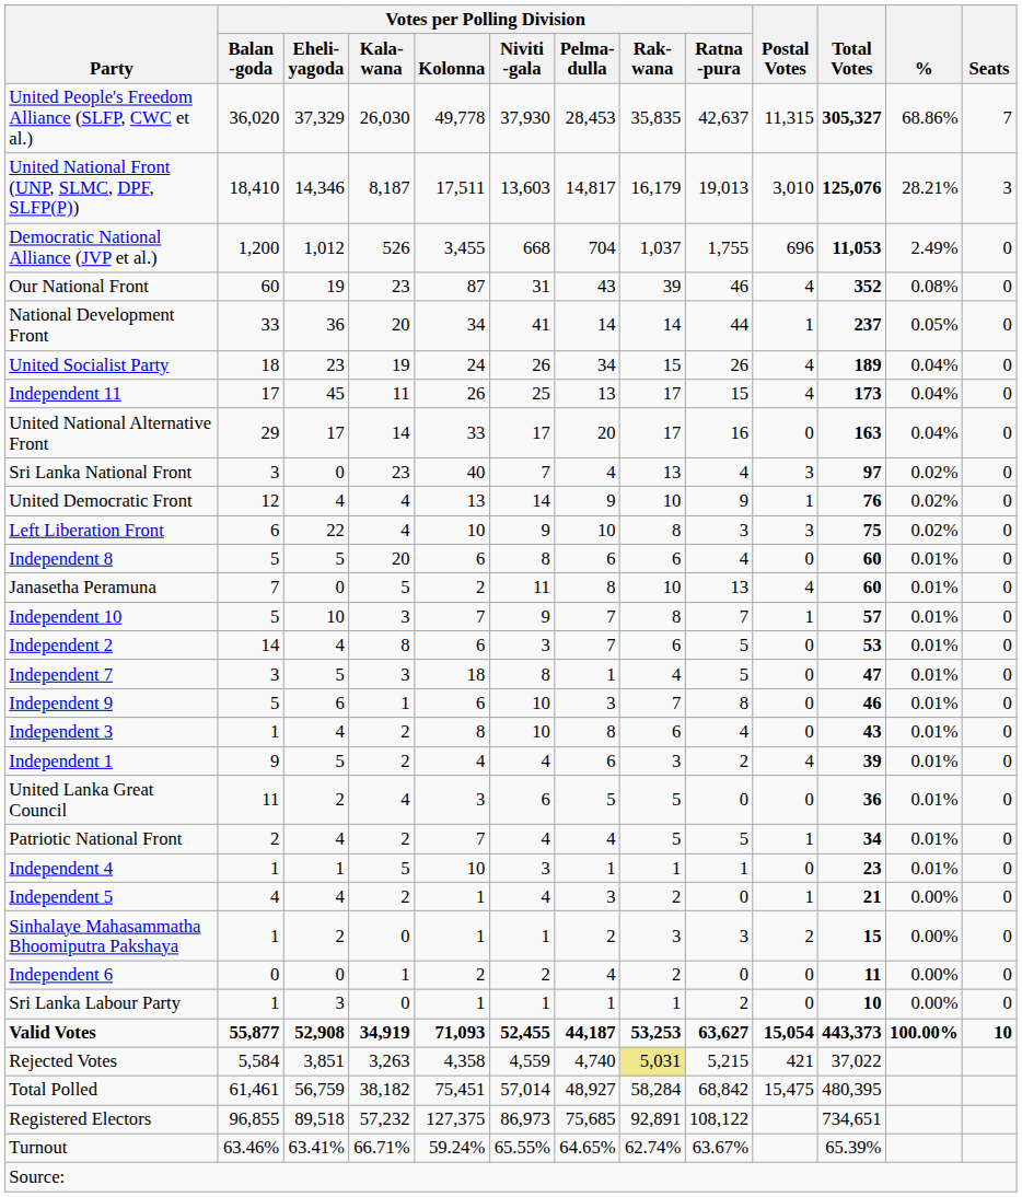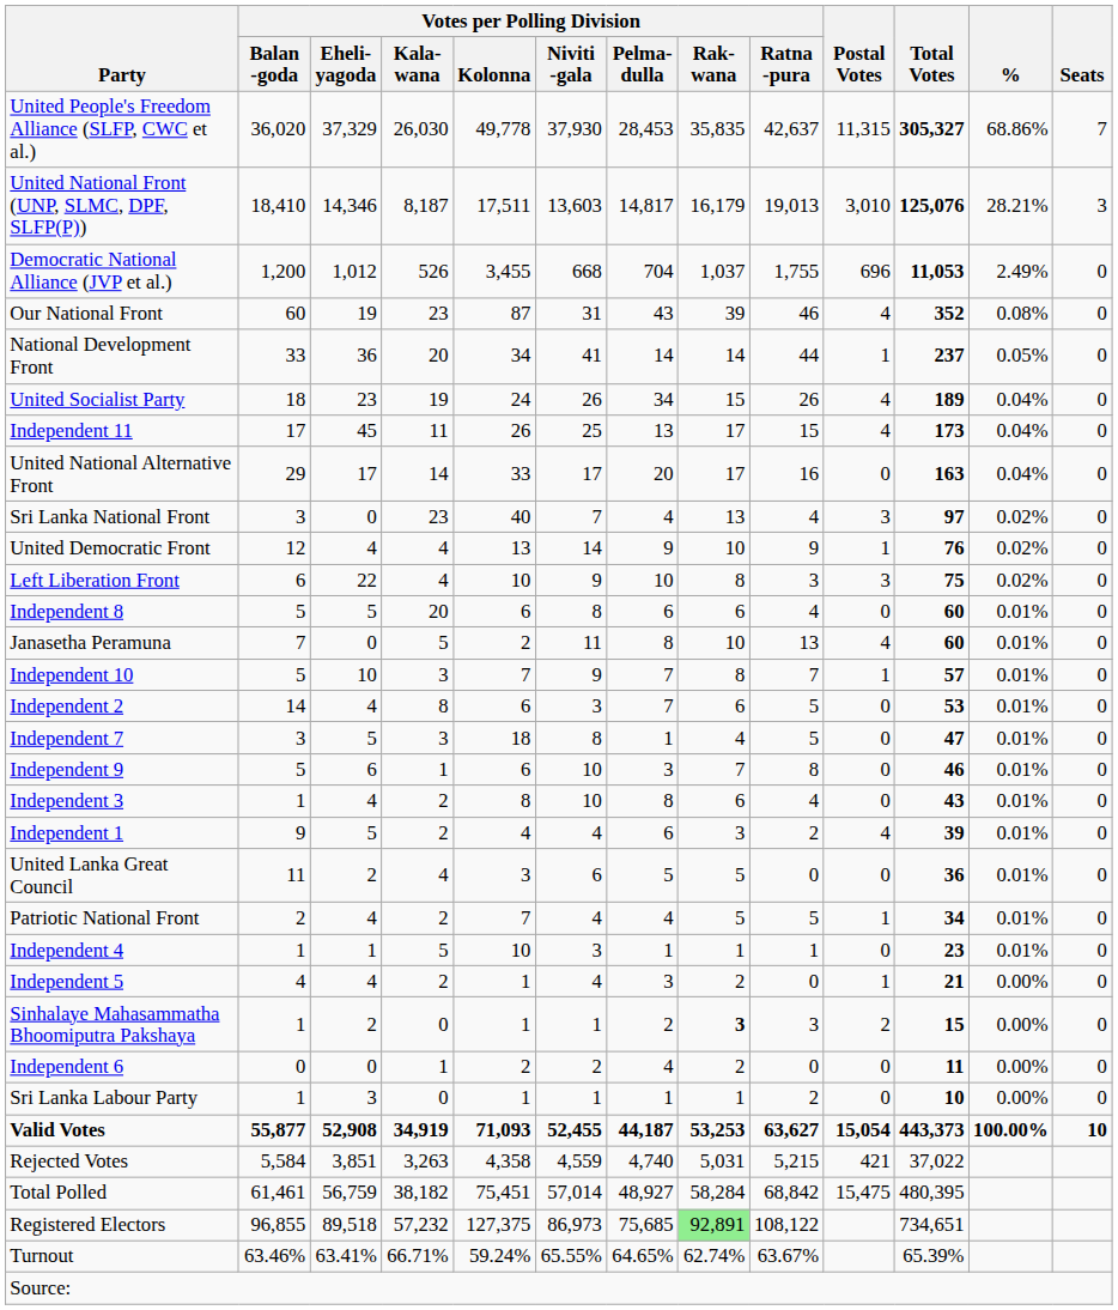 <table class="wikitable" border="1" style="text-align:right;">
 <tr>
 <th align=left valign=bottom rowspan=2 width="180">Party</th>
 <th colspan=8>Votes per Polling Division</th>
 <th align=center valign=bottom rowspan=2 width="50">Postal<br>Votes</th>
 <th align=center valign=bottom rowspan=2 width="50">Total Votes</th>
 <th align=center valign=bottom rowspan=2 width="50">%</th>
 <th align=center valign=bottom rowspan=2 width="40">Seats</th>
 </tr>
 <tr>
 <th align=center valign=bottom width="50">Balan<br>-goda</th>
 <th align=center valign=bottom width="50">Eheli-<br>yagoda</th>
 <th align=center valign=bottom width="50">Kala-<br>wana</th>
 <th align=center valign=bottom width="50">Kolonna</th>
 <th align=center valign=bottom width="50">Niviti<br>-gala</th>
 <th align=center valign=bottom width="50">Pelma-<br>dulla</th>
 <th align=center valign=bottom width="50">Rak-<br>wana</th>
 <th align=center valign=bottom width="50">Ratna<br>-pura</th>
 </tr>
 <tr>
 <td align=left><a href='#'>United People's Freedom Alliance</a> (<a href='#'>SLFP</a>, <a href='#'>CWC</a> et al.)</td>
 <td>36,020</td>
 <td>37,329</td>
 <td>26,030</td>
 <td>49,778</td>
 <td>37,930</td>
 <td>28,453</td>
 <td>35,835</td>
 <td>42,637</td>
 <td>11,315</td>
 <td><strong>305,327</strong></td>
 <td>68.86%</td>
 <td>7</td>
 </tr>
 <tr>
 <td align=left><a href='#'>United National Front</a><br>(<a href='#'>UNP</a>, <a href='#'>SLMC</a>, <a href='#'>DPF</a>, <a href='#'>SLFP(P)</a>)</td>
 <td>18,410</td>
 <td>14,346</td>
 <td>8,187</td>
 <td>17,511</td>
 <td>13,603</td>
 <td>14,817</td>
 <td>16,179</td>
 <td>19,013</td>
 <td>3,010</td>
 <td><strong>125,076</strong></td>
 <td>28.21%</td>
 <td>3</td>
 </tr>
 <tr>
 <td align=left><a href='#'>Democratic National Alliance</a> (<a href='#'>JVP</a> et al.)</td>
 <td>1,200</td>
 <td>1,012</td>
 <td>526</td>
 <td>3,455</td>
 <td>668</td>
 <td>704</td>
 <td>1,037</td>
 <td>1,755</td>
 <td>696</td>
 <td><strong>11,053</strong></td>
 <td>2.49%</td>
 <td>0</td>
 </tr>
 <tr>
 <td align=left>Our National Front</td>
 <td>60</td>
 <td>19</td>
 <td>23</td>
 <td>87</td>
 <td>31</td>
 <td>43</td>
 <td>39</td>
 <td>46</td>
 <td>4</td>
 <td><strong>352</strong></td>
 <td>0.08%</td>
 <td>0</td>
 </tr>
 <tr>
 <td align=left>National Development Front</td>
 <td>33</td>
 <td>36</td>
 <td>20</td>
 <td>34</td>
 <td>41</td>
 <td>14</td>
 <td>14</td>
 <td>44</td>
 <td>1</td>
 <td><strong>237</strong></td>
 <td>0.05%</td>
 <td>0</td>
 </tr>
 <tr>
 <td align=left><a href='#'>United Socialist Party</a></td>
 <td>18</td>
 <td>23</td>
 <td>19</td>
 <td>24</td>
 <td>26</td>
 <td>34</td>
 <td>15</td>
 <td>26</td>
 <td>4</td>
 <td><strong>189</strong></td>
 <td>0.04%</td>
 <td>0</td>
 </tr>
 <tr>
 <td align=left><a href='#'>Independent 11</a></td>
 <td>17</td>
 <td>45</td>
 <td>11</td>
 <td>26</td>
 <td>25</td>
 <td>13</td>
 <td>17</td>
 <td>15</td>
 <td>4</td>
 <td><strong>173</strong></td>
 <td>0.04%</td>
 <td>0</td>
 </tr>
 <tr>
 <td align=left>United National Alternative Front</td>
 <td>29</td>
 <td>17</td>
 <td>14</td>
 <td>33</td>
 <td>17</td>
 <td>20</td>
 <td>17</td>
 <td>16</td>
 <td>0</td>
 <td><strong>163</strong></td>
 <td>0.04%</td>
 <td>0</td>
 </tr>
 <tr>
 <td align=left>Sri Lanka National Front</td>
 <td>3</td>
 <td>0</td>
 <td>23</td>
 <td>40</td>
 <td>7</td>
 <td>4</td>
 <td>13</td>
 <td>4</td>
 <td>3</td>
 <td><strong>97</strong></td>
 <td>0.02%</td>
 <td>0</td>
 </tr>
 <tr>
 <td align=left>United Democratic Front</td>
 <td>12</td>
 <td>4</td>
 <td>4</td>
 <td>13</td>
 <td>14</td>
 <td>9</td>
 <td>10</td>
 <td>9</td>
 <td>1</td>
 <td><strong>76</strong></td>
 <td>0.02%</td>
 <td>0</td>
 </tr>
 <tr>
 <td align=left><a href='#'>Left Liberation Front</a></td>
 <td>6</td>
 <td>22</td>
 <td>4</td>
 <td>10</td>
 <td>9</td>
 <td>10</td>
 <td>8</td>
 <td>3</td>
 <td>3</td>
 <td><strong>75</strong></td>
 <td>0.02%</td>
 <td>0</td>
 </tr>
 <tr>
 <td align=left><a href='#'>Independent 8</a></td>
 <td>5</td>
 <td>5</td>
 <td>20</td>
 <td>6</td>
 <td>8</td>
 <td>6</td>
 <td>6</td>
 <td>4</td>
 <td>0</td>
 <td><strong>60</strong></td>
 <td>0.01%</td>
 <td>0</td>
 </tr>
 <tr>
 <td align=left>Janasetha Peramuna</td>
 <td>7</td>
 <td>0</td>
 <td>5</td>
 <td>2</td>
 <td>11</td>
 <td>8</td>
 <td>10</td>
 <td>13</td>
 <td>4</td>
 <td><strong>60</strong></td>
 <td>0.01%</td>
 <td>0</td>
 </tr>
 <tr>
 <td align=left><a href='#'>Independent 10</a></td>
 <td>5</td>
 <td>10</td>
 <td>3</td>
 <td>7</td>
 <td>9</td>
 <td>7</td>
 <td>8</td>
 <td>7</td>
 <td>1</td>
 <td><strong>57</strong></td>
 <td>0.01%</td>
 <td>0</td>
 </tr>
 <tr>
 <td align=left><a href='#'>Independent 2</a></td>
 <td>14</td>
 <td>4</td>
 <td>8</td>
 <td>6</td>
 <td>3</td>
 <td>7</td>
 <td>6</td>
 <td>5</td>
 <td>0</td>
 <td><strong>53</strong></td>
 <td>0.01%</td>
 <td>0</td>
 </tr>
 <tr>
 <td align=left><a href='#'>Independent 7</a></td>
 <td>3</td>
 <td>5</td>
 <td>3</td>
 <td>18</td>
 <td>8</td>
 <td>1</td>
 <td>4</td>
 <td>5</td>
 <td>0</td>
 <td><strong>47</strong></td>
 <td>0.01%</td>
 <td>0</td>
 </tr>
 <tr>
 <td align=left><a href='#'>Independent 9</a></td>
 <td>5</td>
 <td>6</td>
 <td>1</td>
 <td>6</td>
 <td>10</td>
 <td>3</td>
 <td>7</td>
 <td>8</td>
 <td>0</td>
 <td><strong>46</strong></td>
 <td>0.01%</td>
 <td>0</td>
 </tr>
 <tr>
 <td align=left><a href='#'>Independent 3</a></td>
 <td>1</td>
 <td>4</td>
 <td>2</td>
 <td>8</td>
 <td>10</td>
 <td>8</td>
 <td>6</td>
 <td>4</td>
 <td>0</td>
 <td><strong>43</strong></td>
 <td>0.01%</td>
 <td>0</td>
 </tr>
 <tr>
 <td align=left><a href='#'>Independent 1</a></td>
 <td>9</td>
 <td>5</td>
 <td>2</td>
 <td>4</td>
 <td>4</td>
 <td>6</td>
 <td>3</td>
 <td>2</td>
 <td>4</td>
 <td><strong>39</strong></td>
 <td>0.01%</td>
 <td>0</td>
 </tr>
 <tr>
 <td align=left>United Lanka Great Council</td>
 <td>11</td>
 <td>2</td>
 <td>4</td>
 <td>3</td>
 <td>6</td>
 <td>5</td>
 <td>5</td>
 <td>0</td>
 <td>0</td>
 <td><strong>36</strong></td>
 <td>0.01%</td>
 <td>0</td>
 </tr>
 <tr>
 <td align=left>Patriotic National Front</td>
 <td>2</td>
 <td>4</td>
 <td>2</td>
 <td>7</td>
 <td>4</td>
 <td>4</td>
 <td>5</td>
 <td>5</td>
 <td>1</td>
 <td><strong>34</strong></td>
 <td>0.01%</td>
 <td>0</td>
 </tr>
 <tr>
 <td align=left><a href='#'>Independent 4</a></td>
 <td>1</td>
 <td>1</td>
 <td>5</td>
 <td>10</td>
 <td>3</td>
 <td>1</td>
 <td>1</td>
 <td>1</td>
 <td>0</td>
 <td><strong>23</strong></td>
 <td>0.01%</td>
 <td>0</td>
 </tr>
 <tr>
 <td align=left><a href='#'>Independent 5</a></td>
 <td>4</td>
 <td>4</td>
 <td>2</td>
 <td>1</td>
 <td>4</td>
 <td>3</td>
 <td>2</td>
 <td>0</td>
 <td>1</td>
 <td><strong>21</strong></td>
 <td>0.00%</td>
 <td>0</td>
 </tr>
 <tr>
 <td align=left><a href='#'>Sinhalaye Mahasammatha Bhoomiputra Pakshaya</a></td>
 <td>1</td>
 <td>2</td>
 <td>0</td>
 <td>1</td>
 <td>1</td>
 <td>2</td>
-<td>3</td>
+<td><strong>3</strong></td>
 <td>3</td>
 <td>2</td>
 <td><strong>15</strong></td>
 <td>0.00%</td>
 <td>0</td>
 </tr>
 <tr>
 <td align=left><a href='#'>Independent 6</a></td>
 <td>0</td>
 <td>0</td>
 <td>1</td>
 <td>2</td>
 <td>2</td>
 <td>4</td>
 <td>2</td>
 <td>0</td>
 <td>0</td>
 <td><strong>11</strong></td>
 <td>0.00%</td>
 <td>0</td>
 </tr>
 <tr>
 <td align=left>Sri Lanka Labour Party</td>
 <td>1</td>
 <td>3</td>
 <td>0</td>
 <td>1</td>
 <td>1</td>
 <td>1</td>
 <td>1</td>
 <td>2</td>
 <td>0</td>
 <td><strong>10</strong></td>
 <td>0.00%</td>
 <td>0</td>
 </tr>
 <tr>
 <td align=left><strong>Valid Votes</strong></td>
 <td><strong>55,877</strong></td>
 <td><strong>52,908</strong></td>
 <td><strong>34,919</strong></td>
 <td><strong>71,093</strong></td>
 <td><strong>52,455</strong></td>
 <td><strong>44,187</strong></td>
 <td><strong>53,253</strong></td>
 <td><strong>63,627</strong></td>
 <td><strong>15,054</strong></td>
 <td><strong>443,373</strong></td>
 <td><strong>100.00%</strong></td>
 <td><strong>10</strong></td>
 </tr>
 <tr>
 <td align=left>Rejected Votes</td>
 <td>5,584</td>
 <td>3,851</td>
 <td>3,263</td>
 <td>4,358</td>
 <td>4,559</td>
 <td>4,740</td>
-<td style="background: khaki;">5,031</td>
+<td>5,031</td>
 <td>5,215</td>
 <td>421</td>
 <td>37,022</td>
 <td></td>
 <td></td>
 </tr>
 <tr>
 <td align=left>Total Polled</td>
 <td>61,461</td>
 <td>56,759</td>
 <td>38,182</td>
 <td>75,451</td>
 <td>57,014</td>
 <td>48,927</td>
 <td>58,284</td>
 <td>68,842</td>
 <td>15,475</td>
 <td>480,395</td>
 <td></td>
 <td></td>
 </tr>
 <tr>
 <td align=left>Registered Electors</td>
 <td>96,855</td>
 <td>89,518</td>
 <td>57,232</td>
 <td>127,375</td>
 <td>86,973</td>
 <td>75,685</td>
-<td>92,891</td>
+<td style="background: lightgreen;">92,891</td>
 <td>108,122</td>
 <td></td>
 <td>734,651</td>
 <td></td>
 <td></td>
 </tr>
 <tr>
 <td align=left>Turnout</td>
 <td>63.46%</td>
 <td>63.41%</td>
 <td>66.71%</td>
 <td>59.24%</td>
 <td>65.55%</td>
 <td>64.65%</td>
 <td>62.74%</td>
 <td>63.67%</td>
 <td></td>
 <td>65.39%</td>
 <td></td>
 <td></td>
 </tr>
 <tr>
 <td align=left colspan=14>Source:</td>
 </tr>
 </table>
